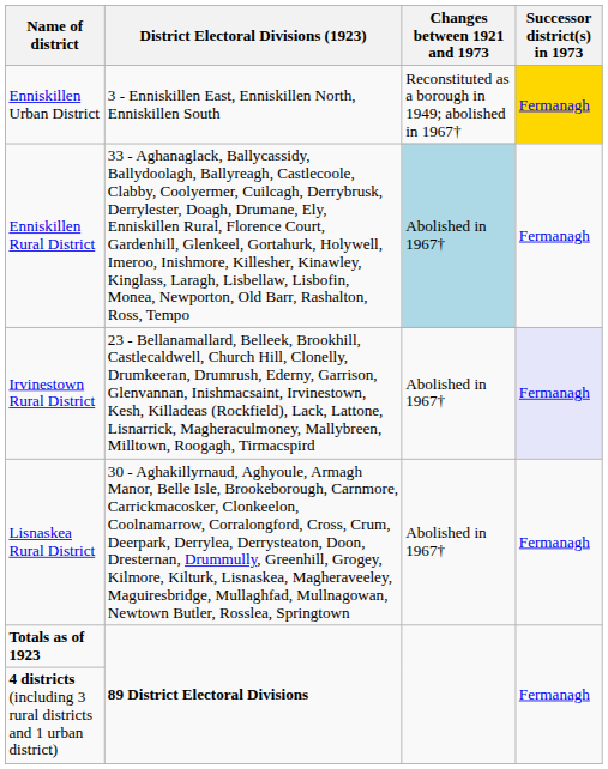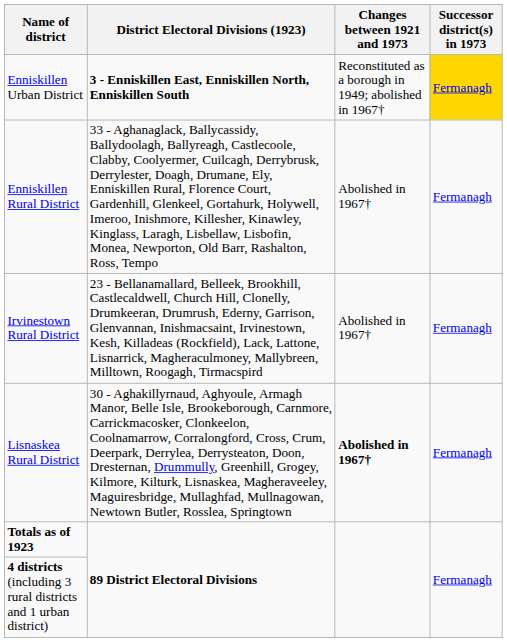 <table class="wikitable">
 <tr>
 <th>Name of district</th>
 <th>District Electoral Divisions (1923)</th>
 <th>Changes between 1921 and 1973</th>
 <th>Successor district(s) in 1973</th>
 </tr>
 <tr>
 <td><a href='#'>Enniskillen</a> Urban District</td>
-<td>3 - Enniskillen East, Enniskillen North, Enniskillen South</td>
+<td><strong>3 - Enniskillen East, Enniskillen North, Enniskillen South</strong></td>
 <td>Reconstituted as a borough in 1949; abolished in 1967†</td>
 <td style="background: gold;"><a href='#'>Fermanagh</a></td>
 </tr>
 <tr>
 <td><a href='#'>Enniskillen Rural District</a></td>
 <td>33 - Aghanaglack, Ballycassidy, Ballydoolagh, Ballyreagh, Castlecoole, Clabby, Coolyermer, Cuilcagh, Derrybrusk, Derrylester, Doagh, Drumane, Ely, Enniskillen Rural, Florence Court, Gardenhill, Glenkeel, Gortahurk, Holywell, Imeroo, Inishmore, Killesher, Kinawley, Kinglass, Laragh, Lisbellaw, Lisbofin, Monea, Newporton, Old Barr, Rashalton, Ross, Tempo</td>
-<td style="background: lightblue;">Abolished in 1967†</td>
+<td>Abolished in 1967†</td>
 <td><a href='#'>Fermanagh</a></td>
 </tr>
 <tr>
 <td><a href='#'>Irvinestown Rural District</a></td>
 <td>23 - Bellanamallard, Belleek, Brookhill, Castlecaldwell, Church Hill, Clonelly, Drumkeeran, Drumrush, Ederny, Garrison, Glenvannan, Inishmacsaint, Irvinestown, Kesh, Killadeas (Rockfield), Lack, Lattone, Lisnarrick, Magheraculmoney, Mallybreen, Milltown, Roogagh, Tirmacspird</td>
 <td>Abolished in 1967†</td>
-<td style="background: lavender;"><a href='#'>Fermanagh</a></td>
+<td><a href='#'>Fermanagh</a></td>
 </tr>
 <tr>
 <td><a href='#'>Lisnaskea Rural District</a></td>
 <td>30 - Aghakillyrnaud, Aghyoule, Armagh Manor, Belle Isle, Brookeborough, Carnmore, Carrickmacosker, Clonkeelon, Coolnamarrow, Corralongford, Cross, Crum, Deerpark, Derrylea, Derrysteaton, Doon, Dresternan, <a href='#'>Drummully</a>, Greenhill, Grogey, Kilmore, Kilturk, Lisnaskea, Magheraveeley, Maguiresbridge, Mullaghfad, Mullnagowan, Newtown Butler, Rosslea, Springtown</td>
-<td>Abolished in 1967†</td>
+<td><strong>Abolished in 1967†</strong></td>
 <td><a href='#'>Fermanagh</a></td>
 </tr>
 <tr>
 <td><strong>Totals as of 1923</strong></td>
 <td rowspan="2"><strong>89 District Electoral Divisions</strong></td>
 <td rowspan="2"></td>
 <td rowspan="2"><a href='#'>Fermanagh</a></td>
 </tr>
 <tr>
 <td><strong>4 districts</strong><br>(including 3 rural districts and 1 urban district)</td>
 </tr>
 </table>
